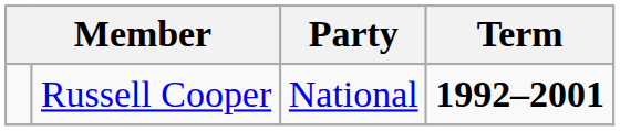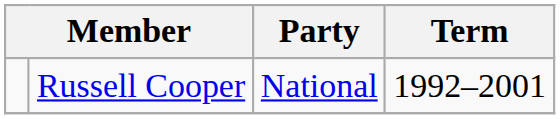 <table class="wikitable">
 <tr>
 <th colspan="2">Member</th>
 <th>Party</th>
 <th>Term</th>
 </tr>
 <tr>
 <td> </td>
 <td><a href='#'>Russell Cooper</a></td>
 <td><a href='#'>National</a></td>
-<td><strong>1992–2001</strong></td>
+<td>1992–2001</td>
 </tr>
 <tr>
 </tr>
 </table>
